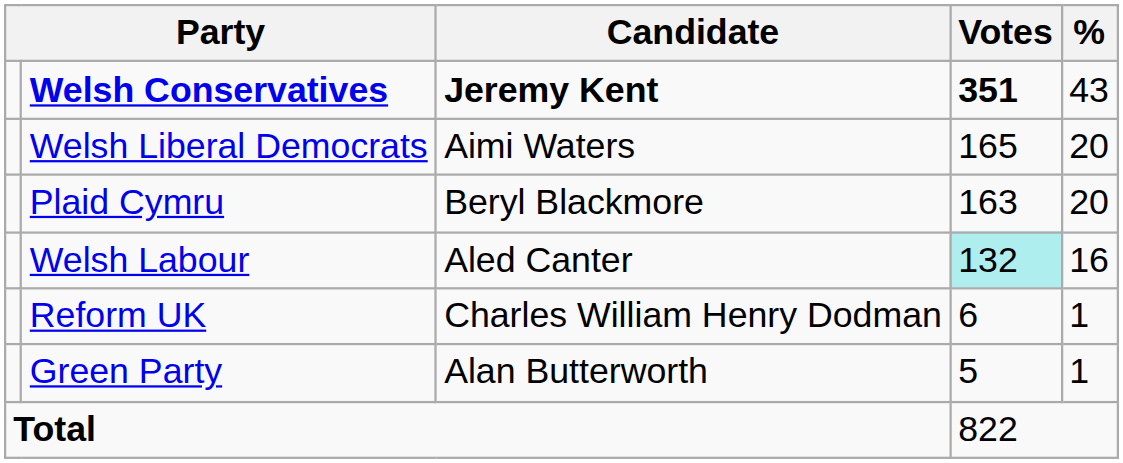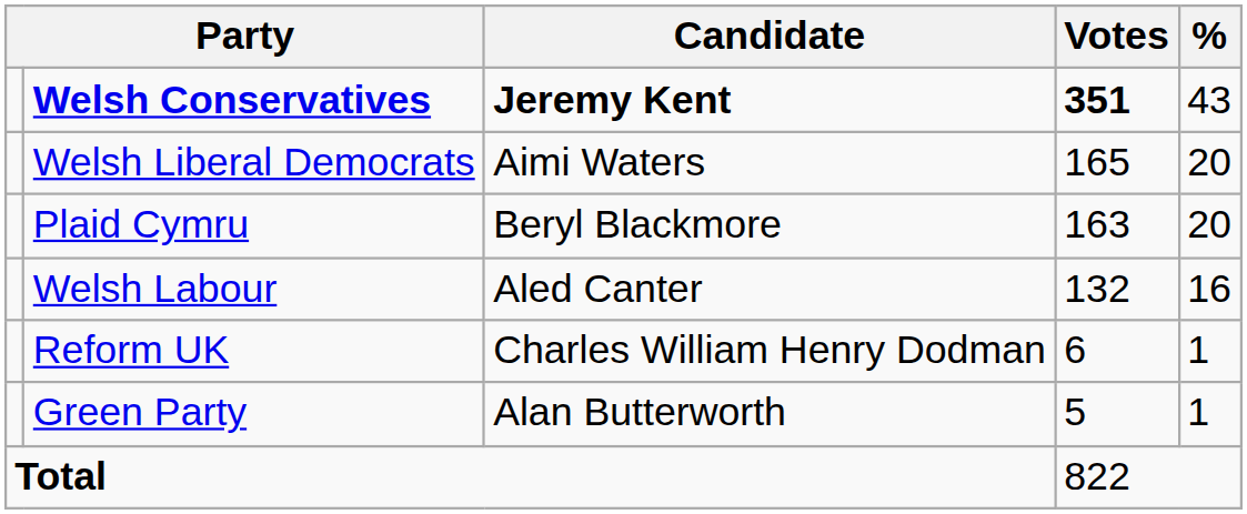 <table class="wikitable">
 <tr>
 <th colspan="2">Party</th>
 <th>Candidate</th>
 <th>Votes</th>
 <th>%</th>
 </tr>
 <tr>
 <td style="color:inherit;background:"></td>
 <td><strong><a href='#'>Welsh Conservatives</a></strong></td>
 <td><strong>Jeremy Kent</strong></td>
 <td><strong>351</strong></td>
 <td>43</td>
 </tr>
 <tr>
 <td style="color:inherit;background:"></td>
 <td><a href='#'>Welsh Liberal Democrats</a></td>
 <td>Aimi Waters</td>
 <td>165</td>
 <td>20</td>
 </tr>
 <tr>
 <td style="color:inherit;background:"></td>
 <td><a href='#'>Plaid Cymru</a></td>
 <td>Beryl Blackmore</td>
 <td>163</td>
 <td>20</td>
 </tr>
 <tr>
 <td style="color:inherit;background:"></td>
 <td><a href='#'>Welsh Labour</a></td>
 <td>Aled Canter</td>
-<td style="background: paleturquoise;">132</td>
+<td>132</td>
 <td>16</td>
 </tr>
 <tr>
 <td style="color:inherit;background:"></td>
 <td><a href='#'>Reform UK</a></td>
 <td>Charles William Henry Dodman</td>
 <td>6</td>
 <td>1</td>
 </tr>
 <tr>
 <td style="color:inherit;background:"></td>
 <td><a href='#'>Green Party</a></td>
 <td>Alan Butterworth</td>
 <td>5</td>
 <td>1</td>
 </tr>
 <tr>
 <td colspan="3"><strong>Total</strong></td>
 <td colspan="2">822</td>
 </tr>
 </table>
